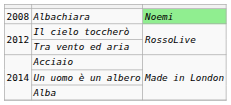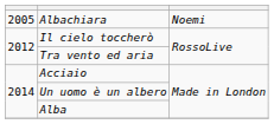 <table class=wikitable>
 <tr>
 <th></th>
 <th></th>
 <th></th>
 </tr>
 <tr>
-<td>2008</td>
+<td>2005</td>
 <td><em>Albachiara</em></td>
-<td style="background: lightgreen;"><em>Noemi</em></td>
+<td><em>Noemi</em></td>
 </tr>
 <tr>
 <td rowspan="2">2012</td>
 <td><em>Il cielo toccherò</em></td>
 <td rowspan="2"><em>RossoLive</em></td>
 </tr>
 <tr>
 <td><em>Tra vento ed aria</em></td>
 </tr>
 <tr>
 <td rowspan="3">2014</td>
 <td><em>Acciaio</em></td>
 <td rowspan="3"><em>Made in London</em></td>
 </tr>
 <tr>
 <td><em>Un uomo è un albero</em></td>
 </tr>
 <tr>
 <td><em>Alba</em></td>
 </tr>
 <tr>
 </tr>
 </table>
